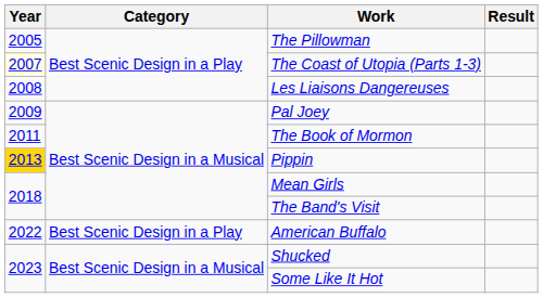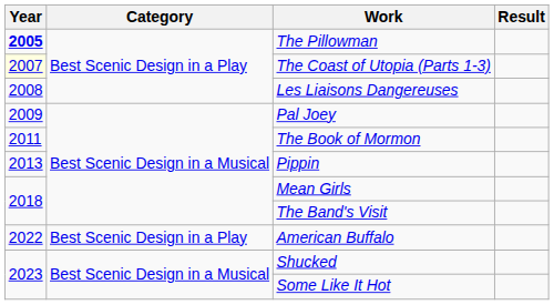 <table class="wikitable sortable">
 <tr>
 <th>Year</th>
 <th>Category</th>
 <th>Work</th>
 <th>Result</th>
 </tr>
 <tr>
-<td><a href='#'>2005</a></td>
+<td><strong><a href='#'>2005</a></strong></td>
 <td rowspan="3"><a href='#'>Best Scenic Design in a Play</a></td>
 <td><em><a href='#'>The Pillowman</a></em></td>
 <td></td>
 </tr>
 <tr>
 <td style="background: lightyellow;"><a href='#'>2007</a></td>
 <td><em><a href='#'>The Coast of Utopia (Parts 1-3)</a></em></td>
 <td></td>
 </tr>
 <tr>
 <td><a href='#'>2008</a></td>
 <td><em><a href='#'>Les Liaisons Dangereuses</a></em></td>
 <td></td>
 </tr>
 <tr>
 <td><a href='#'>2009</a></td>
 <td rowspan="5"><a href='#'>Best Scenic Design in a Musical</a></td>
 <td><em><a href='#'>Pal Joey</a></em></td>
 <td></td>
 </tr>
 <tr>
 <td><a href='#'>2011</a></td>
 <td><em><a href='#'>The Book of Mormon</a></em></td>
 <td></td>
 </tr>
 <tr>
-<td style="background: gold;"><a href='#'>2013</a></td>
+<td><a href='#'>2013</a></td>
 <td><em><a href='#'>Pippin</a></em></td>
 <td></td>
 </tr>
 <tr>
 <td rowspan="2"><a href='#'>2018</a></td>
 <td><em><a href='#'>Mean Girls</a></em></td>
 <td></td>
 </tr>
 <tr>
 <td><em><a href='#'>The Band's Visit</a></em></td>
 <td></td>
 </tr>
 <tr>
 <td><a href='#'>2022</a></td>
 <td><a href='#'>Best Scenic Design in a Play</a></td>
 <td><em><a href='#'>American Buffalo</a></em></td>
 <td></td>
 </tr>
 <tr>
 <td rowspan="2"><a href='#'>2023</a></td>
 <td rowspan="2"><a href='#'>Best Scenic Design in a Musical</a></td>
 <td><em><a href='#'>Shucked</a></em></td>
 <td></td>
 </tr>
 <tr>
 <td><a href='#'><em>Some Like It Hot</em></a></td>
 <td></td>
 </tr>
 </table>
